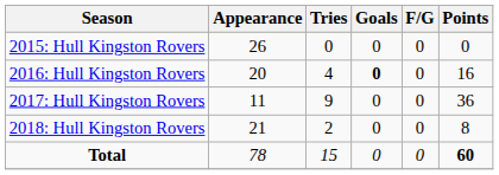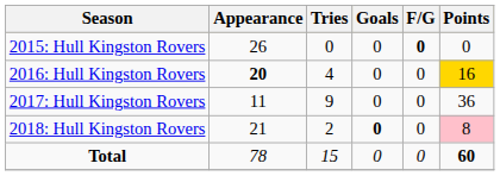 <table class="wikitable" style="text-align:center;">
 <tr bgcolor=#bdb76b>
 <th>Season</th>
 <th>Appearance</th>
 <th>Tries</th>
 <th>Goals</th>
 <th>F/G</th>
 <th>Points</th>
 </tr>
 <tr>
 <td><a href='#'>2015: Hull Kingston Rovers</a></td>
 <td>26</td>
 <td>0</td>
 <td>0</td>
-<td>0</td>
+<td><strong>0</strong></td>
 <td>0</td>
 </tr>
 <tr>
 <td><a href='#'>2016: Hull Kingston Rovers</a></td>
-<td>20</td>
+<td><strong>20</strong></td>
 <td>4</td>
-<td><strong>0</strong></td>
 <td>0</td>
-<td>16</td>
+<td>0</td>
+<td style="background: gold;">16</td>
 </tr>
 <tr>
 <td><a href='#'>2017: Hull Kingston Rovers</a></td>
 <td>11</td>
 <td>9</td>
 <td>0</td>
 <td>0</td>
 <td>36</td>
 </tr>
 <tr>
 <td><a href='#'>2018: Hull Kingston Rovers</a></td>
 <td>21</td>
 <td>2</td>
+<td><strong>0</strong></td>
 <td>0</td>
-<td>0</td>
-<td>8</td>
+<td style="background: pink;">8</td>
 </tr>
 <tr>
 <td><strong>Total</strong></td>
 <td><em>78</em></td>
 <td><em>15</em></td>
 <td><em>0</em></td>
 <td><em>0</em></td>
 <td><strong>60</strong></td>
 </tr>
 <tr>
 </tr>
 </table>
